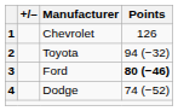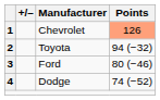 <table class="wikitable">
 <tr>
 <th scope="col"></th>
 <th scope="col">+/–</th>
 <th scope="col">Manufacturer</th>
 <th scope="col">Points</th>
 </tr>
 <tr>
 <th scope="row">1</th>
 <td align="left"></td>
 <td>Chevrolet</td>
-<td style="text-align:center;">126</td>
+<td style="background: lightsalmon; text-align:center;">126</td>
 </tr>
 <tr>
 <th scope="row">2</th>
 <td align="left"></td>
 <td>Toyota</td>
 <td style="text-align:center;">94 (−32)</td>
 </tr>
 <tr>
 <th scope="row">3</th>
 <td align="left"></td>
 <td>Ford</td>
-<td style="text-align:center;"><strong>80 (−46)</strong></td>
+<td style="text-align:center;">80 (−46)</td>
 </tr>
 <tr>
 <th scope="row">4</th>
 <td align="left"></td>
 <td>Dodge</td>
 <td style="text-align:center;">74 (−52)</td>
 </tr>
 <tr class="sortbottom">
 <td colspan="9"></td>
 </tr>
 </table>
